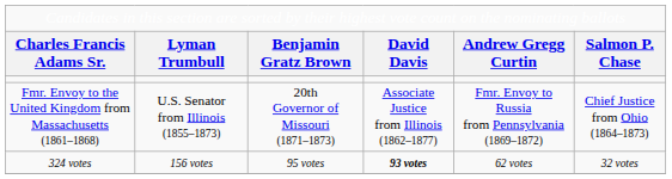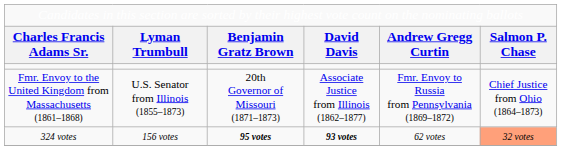 <table class="wikitable" style="font-size:90%">
 <tr>
 <td colspan="9" style="text-align:center; width:700px; font-size:120%; color:white; background:"><em>Candidates in this section are sorted by their highest vote count on the nominating ballots</em></td>
 </tr>
 <tr>
 <th scope="col" style="width:3em; font-size:120%;"><a href='#'>Charles Francis Adams Sr.</a></th>
 <th scope="col" style="width:3em; font-size:120%;"><a href='#'>Lyman Trumbull</a></th>
 <th scope="col" style="width:3em; font-size:120%;"><a href='#'>Benjamin Gratz Brown</a></th>
 <th scope="col" style="width:3em; font-size:120%;"><a href='#'>David Davis</a></th>
 <th scope="col" style="width:3em; font-size:120%;"><a href='#'>Andrew Gregg Curtin</a></th>
 <th scope="col" style="width:3em; font-size:120%;"><a href='#'>Salmon P. Chase</a></th>
 </tr>
 <tr>
 <td></td>
 <td></td>
 <td></td>
 <td></td>
 <td></td>
 <td></td>
 </tr>
 <tr style="text-align:center">
 <td><a href='#'>Fmr. Envoy to the United Kingdom</a> from <a href='#'>Massachusetts</a><br><small>(1861–1868)</small></td>
 <td>U.S. Senator<br>from <a href='#'>Illinois</a><br><small>(1855–1873)</small></td>
 <td>20th<br><a href='#'>Governor of Missouri</a><br><small>(1871–1873)</small></td>
 <td><a href='#'>Associate Justice</a><br>from <a href='#'>Illinois</a><br><small>(1862–1877)</small></td>
 <td><a href='#'>Fmr. Envoy to Russia</a><br>from <a href='#'>Pennsylvania</a><br><small>(1869–1872)</small></td>
 <td><a href='#'>Chief Justice</a><br>from <a href='#'>Ohio</a><br><small>(1864–1873)</small></td>
 </tr>
 <tr style="text-align:center">
 <td><em><small>324 votes</small></em></td>
 <td><em><small>156 votes</small></em></td>
-<td><em><small>95 votes</small></em></td>
+<td><strong><em><small>95 votes</small></em></strong></td>
 <td><strong><em><small>93 votes</small></em></strong></td>
 <td><em><small>62 votes</small></em></td>
-<td><em><small>32 votes</small></em></td>
+<td style="background: lightsalmon;"><em><small>32 votes</small></em></td>
 </tr>
 <tr>
 </tr>
 </table>
